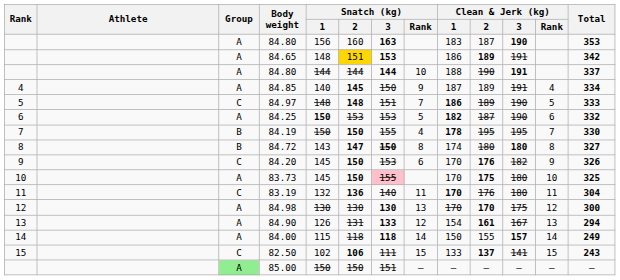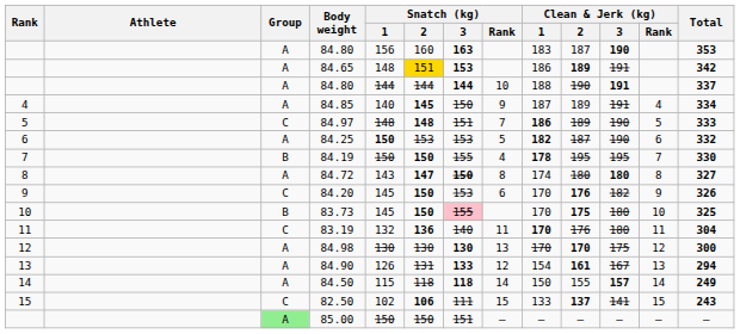 <table class = "wikitable" style="text-align:center;">
 <tr>
 <th rowspan=2 width=40>Rank</th>
 <th rowspan=2 width=250>Athlete</th>
 <th rowspan=2 width=50>Group</th>
 <th rowspan=2 width=60>Body weight</th>
 <th colspan=4>Snatch (kg)</th>
 <th colspan=4>Clean & Jerk (kg)</th>
 <th rowspan=2 width=60>Total</th>
 </tr>
 <tr>
 <th width=40>1</th>
 <th width=40>2</th>
 <th width=40>3</th>
 <th width=40>Rank</th>
 <th width=40>1</th>
 <th width=40>2</th>
 <th width=40>3</th>
 <th width=40>Rank</th>
 </tr>
 <tr>
 <td></td>
 <td align=left></td>
 <td>A</td>
 <td>84.80</td>
 <td>156</td>
 <td>160</td>
 <td><strong>163</strong></td>
 <td></td>
 <td>183</td>
 <td>187</td>
 <td><strong>190</strong></td>
 <td></td>
 <td><strong>353</strong></td>
 </tr>
 <tr>
 <td></td>
 <td align=left></td>
 <td>A</td>
 <td>84.65</td>
 <td>148</td>
 <td style="background: gold;">151</td>
 <td><strong>153</strong></td>
 <td></td>
 <td>186</td>
 <td><strong>189</strong></td>
 <td><s>191</s></td>
 <td></td>
 <td><strong>342</strong></td>
 </tr>
 <tr>
 <td></td>
 <td align=left></td>
 <td>A</td>
 <td>84.80</td>
 <td><s>144</s></td>
 <td><s>144</s></td>
 <td><strong>144</strong></td>
 <td>10</td>
 <td>188</td>
 <td><s>190</s></td>
 <td><strong>191</strong></td>
 <td></td>
 <td><strong>337</strong></td>
 </tr>
 <tr>
 <td>4</td>
 <td align=left></td>
 <td>A</td>
 <td>84.85</td>
 <td>140</td>
 <td><strong>145</strong></td>
 <td><s>150</s></td>
 <td>9</td>
 <td>187</td>
 <td>189</td>
 <td><s>191</s></td>
 <td>4</td>
 <td><strong>334</strong></td>
 </tr>
 <tr>
 <td>5</td>
 <td align=left></td>
 <td>C</td>
 <td>84.97</td>
 <td><s>148</s></td>
 <td><strong>148</strong></td>
 <td><s>151</s></td>
 <td>7</td>
 <td><strong>186</strong></td>
 <td><s>189</s></td>
 <td><s>190</s></td>
 <td>5</td>
 <td><strong>333</strong></td>
 </tr>
 <tr>
 <td>6</td>
 <td align=left></td>
 <td>A</td>
 <td>84.25</td>
 <td><strong>150</strong></td>
 <td><s>153</s></td>
 <td><s>153</s></td>
 <td>5</td>
 <td><strong>182</strong></td>
 <td><s>187</s></td>
 <td><s>190</s></td>
 <td>6</td>
 <td><strong>332</strong></td>
 </tr>
 <tr>
 <td>7</td>
 <td align=left></td>
 <td>B</td>
 <td>84.19</td>
 <td><s>150</s></td>
 <td><strong>150</strong></td>
 <td><s>155</s></td>
 <td>4</td>
 <td><strong>178</strong></td>
 <td><s>195</s></td>
 <td><s>195</s></td>
 <td>7</td>
 <td><strong>330</strong></td>
 </tr>
 <tr>
 <td>8</td>
 <td align=left></td>
-<td>B</td>
+<td>A</td>
 <td>84.72</td>
 <td>143</td>
 <td><strong>147</strong></td>
 <td><strong><s>150</s></strong></td>
 <td>8</td>
 <td>174</td>
 <td><s>180</s></td>
 <td><strong>180</strong></td>
 <td>8</td>
 <td><strong>327</strong></td>
 </tr>
 <tr>
 <td>9</td>
 <td align=left></td>
 <td>C</td>
 <td>84.20</td>
 <td>145</td>
 <td><strong>150</strong></td>
 <td><s>153</s></td>
 <td>6</td>
 <td>170</td>
 <td><strong>176</strong></td>
 <td><s>182</s></td>
 <td>9</td>
 <td><strong>326</strong></td>
 </tr>
 <tr>
 <td>10</td>
 <td align=left></td>
-<td>A</td>
+<td>B</td>
 <td>83.73</td>
 <td>145</td>
 <td><strong>150</strong></td>
 <td style="background: pink;"><s>155</s></td>
 <td></td>
 <td>170</td>
 <td><strong>175</strong></td>
 <td><s>180</s></td>
 <td>10</td>
 <td><strong>325</strong></td>
 </tr>
 <tr>
 <td>11</td>
 <td align=left></td>
 <td>C</td>
 <td>83.19</td>
 <td>132</td>
 <td><strong>136</strong></td>
 <td><s>140</s></td>
 <td>11</td>
 <td><strong>170</strong></td>
 <td><s>176</s></td>
 <td><s>180</s></td>
 <td>11</td>
 <td><strong>304</strong></td>
 </tr>
 <tr>
 <td>12</td>
 <td align=left></td>
 <td>A</td>
 <td>84.98</td>
 <td><s>130</s></td>
 <td><s>130</s></td>
 <td><strong>130</strong></td>
 <td>13</td>
 <td><s>170</s></td>
 <td><strong>170</strong></td>
 <td><s>175</s></td>
 <td>12</td>
 <td><strong>300</strong></td>
 </tr>
 <tr>
 <td>13</td>
 <td align=left></td>
 <td>A</td>
 <td>84.90</td>
 <td>126</td>
 <td><s>131</s></td>
 <td><strong>133</strong></td>
 <td>12</td>
 <td>154</td>
 <td><strong>161</strong></td>
 <td><s>167</s></td>
 <td>13</td>
 <td><strong>294</strong></td>
 </tr>
 <tr>
 <td>14</td>
 <td align=left></td>
 <td>A</td>
-<td>84.00</td>
+<td>84.50</td>
 <td>115</td>
 <td><s>118</s></td>
 <td><strong>118</strong></td>
 <td>14</td>
 <td>150</td>
 <td>155</td>
 <td><strong>157</strong></td>
 <td>14</td>
 <td><strong>249</strong></td>
 </tr>
 <tr>
 <td>15</td>
 <td align=left></td>
 <td>C</td>
 <td>82.50</td>
 <td>102</td>
 <td><strong>106</strong></td>
 <td><s>111</s></td>
 <td>15</td>
 <td>133</td>
 <td><strong>137</strong></td>
 <td><s>141</s></td>
 <td>15</td>
 <td><strong>243</strong></td>
 </tr>
 <tr>
 <td></td>
 <td align=left></td>
 <td style="background: lightgreen;">A</td>
 <td>85.00</td>
 <td><s>150</s></td>
 <td><s>150</s></td>
 <td><s>151</s></td>
 <td>—</td>
 <td>—</td>
 <td>—</td>
 <td>—</td>
 <td>—</td>
 <td>—</td>
 </tr>
 </table>
